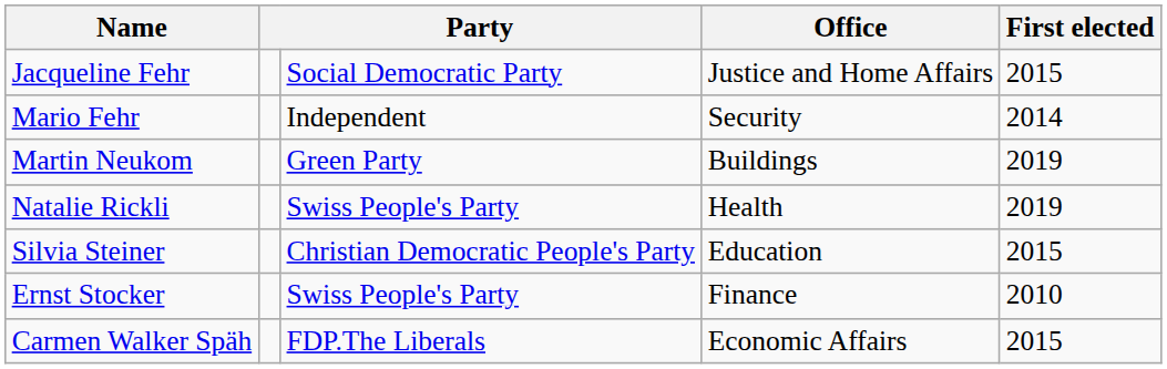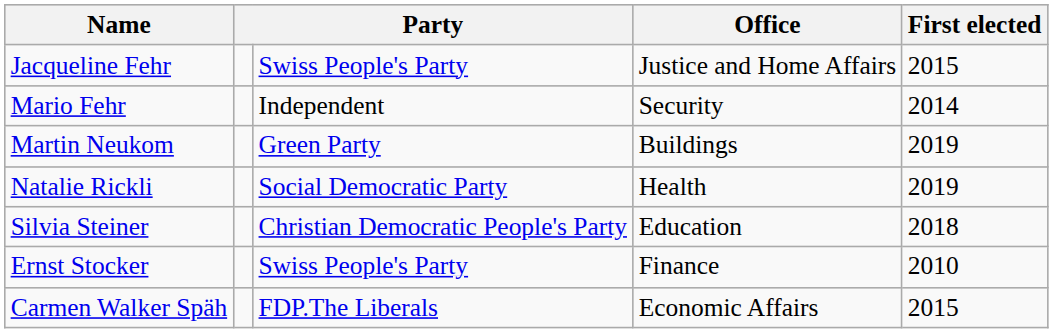 <table class="wikitable sortable">
 <tr>
 <th>Name</th>
 <th colspan=2>Party</th>
 <th>Office</th>
 <th>First elected</th>
 </tr>
 <tr>
 <td><a href='#'>Jacqueline Fehr</a></td>
 <td width=5px style="background-color: "></td>
-<td><a href='#'>Social Democratic Party</a></td>
+<td><a href='#'>Swiss People's Party</a></td>
 <td>Justice and Home Affairs</td>
 <td>2015</td>
 </tr>
 <tr>
 <td><a href='#'>Mario Fehr</a></td>
 <td style="background-color: "></td>
 <td>Independent</td>
 <td>Security</td>
 <td>2014</td>
 </tr>
 <tr>
 <td><a href='#'>Martin Neukom</a></td>
 <td style="background-color: "></td>
 <td><a href='#'>Green Party</a></td>
 <td>Buildings</td>
 <td>2019</td>
 </tr>
 <tr>
 <td><a href='#'>Natalie Rickli</a></td>
 <td style="background-color: "></td>
-<td><a href='#'>Swiss People's Party</a></td>
+<td><a href='#'>Social Democratic Party</a></td>
 <td>Health</td>
 <td>2019</td>
 </tr>
 <tr>
 <td><a href='#'>Silvia Steiner</a></td>
 <td style="background-color: "></td>
 <td><a href='#'>Christian Democratic People's Party</a></td>
 <td>Education</td>
-<td>2015</td>
+<td>2018</td>
 </tr>
 <tr>
 <td><a href='#'>Ernst Stocker</a></td>
 <td style="background-color: "></td>
 <td><a href='#'>Swiss People's Party</a></td>
 <td>Finance</td>
 <td>2010</td>
 </tr>
 <tr>
 <td><a href='#'>Carmen Walker Späh</a></td>
 <td style="background-color: "></td>
 <td><a href='#'>FDP.The Liberals</a></td>
 <td>Economic Affairs</td>
 <td>2015</td>
 </tr>
 </table>
